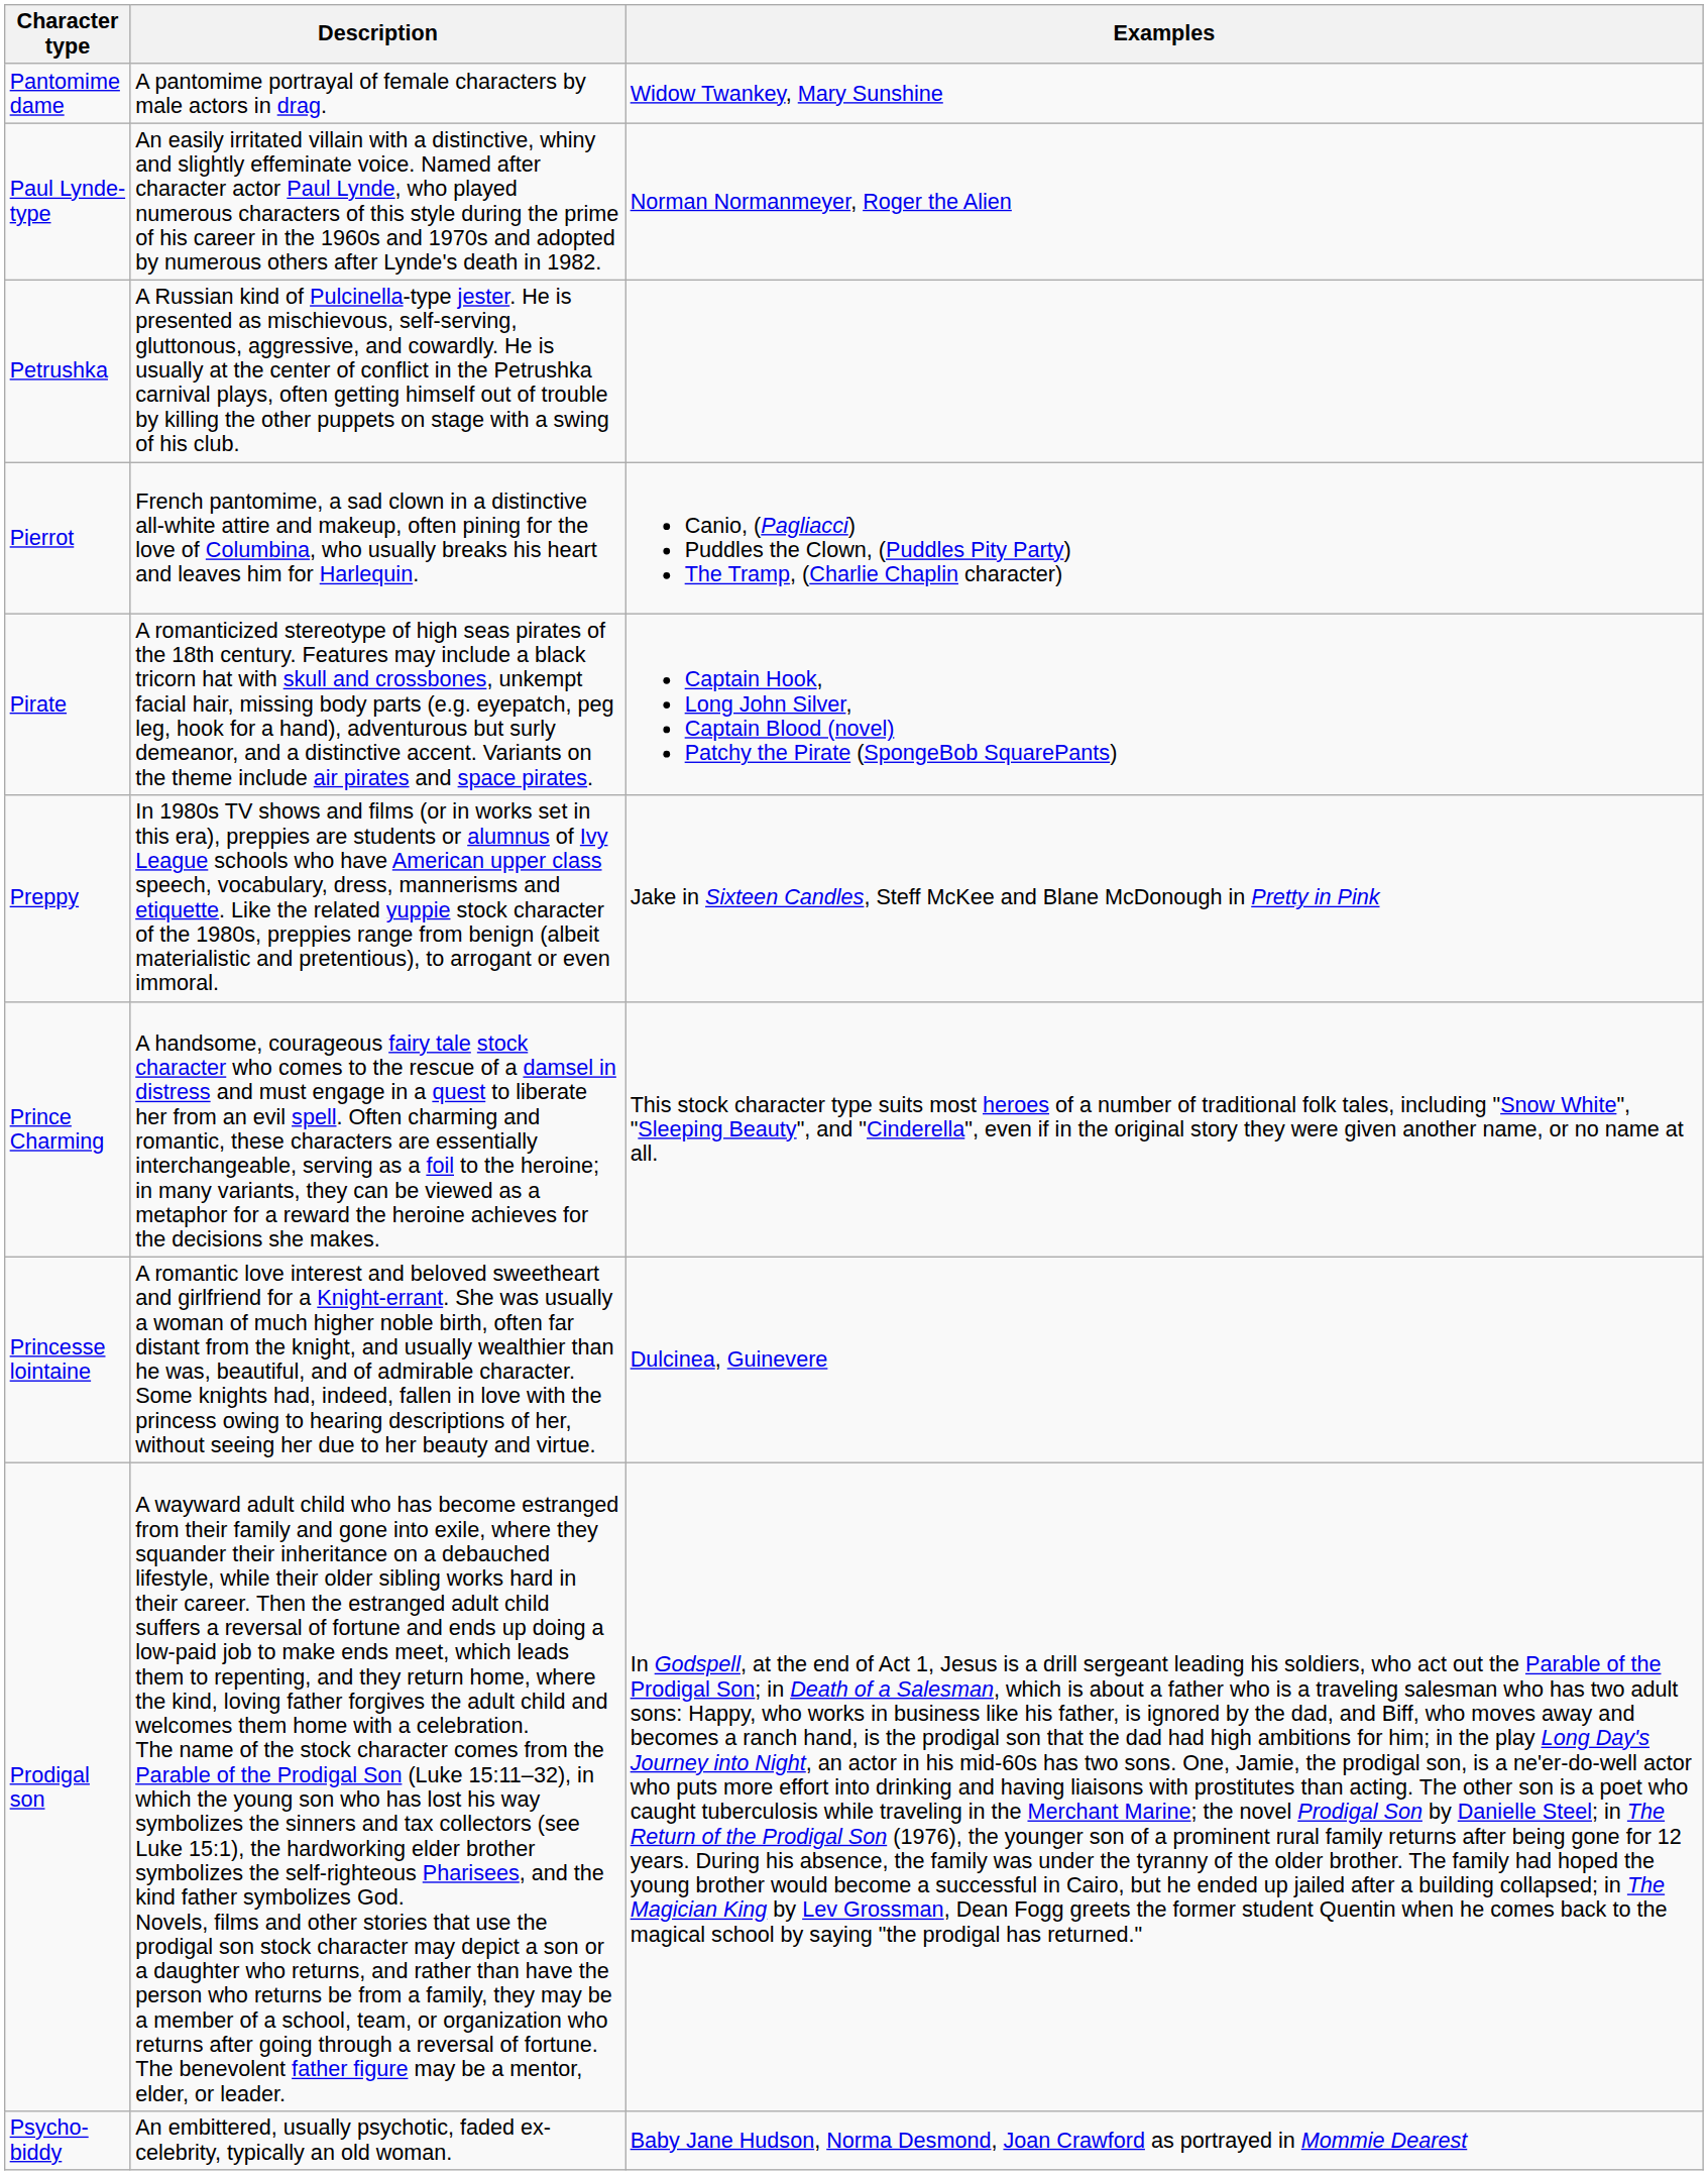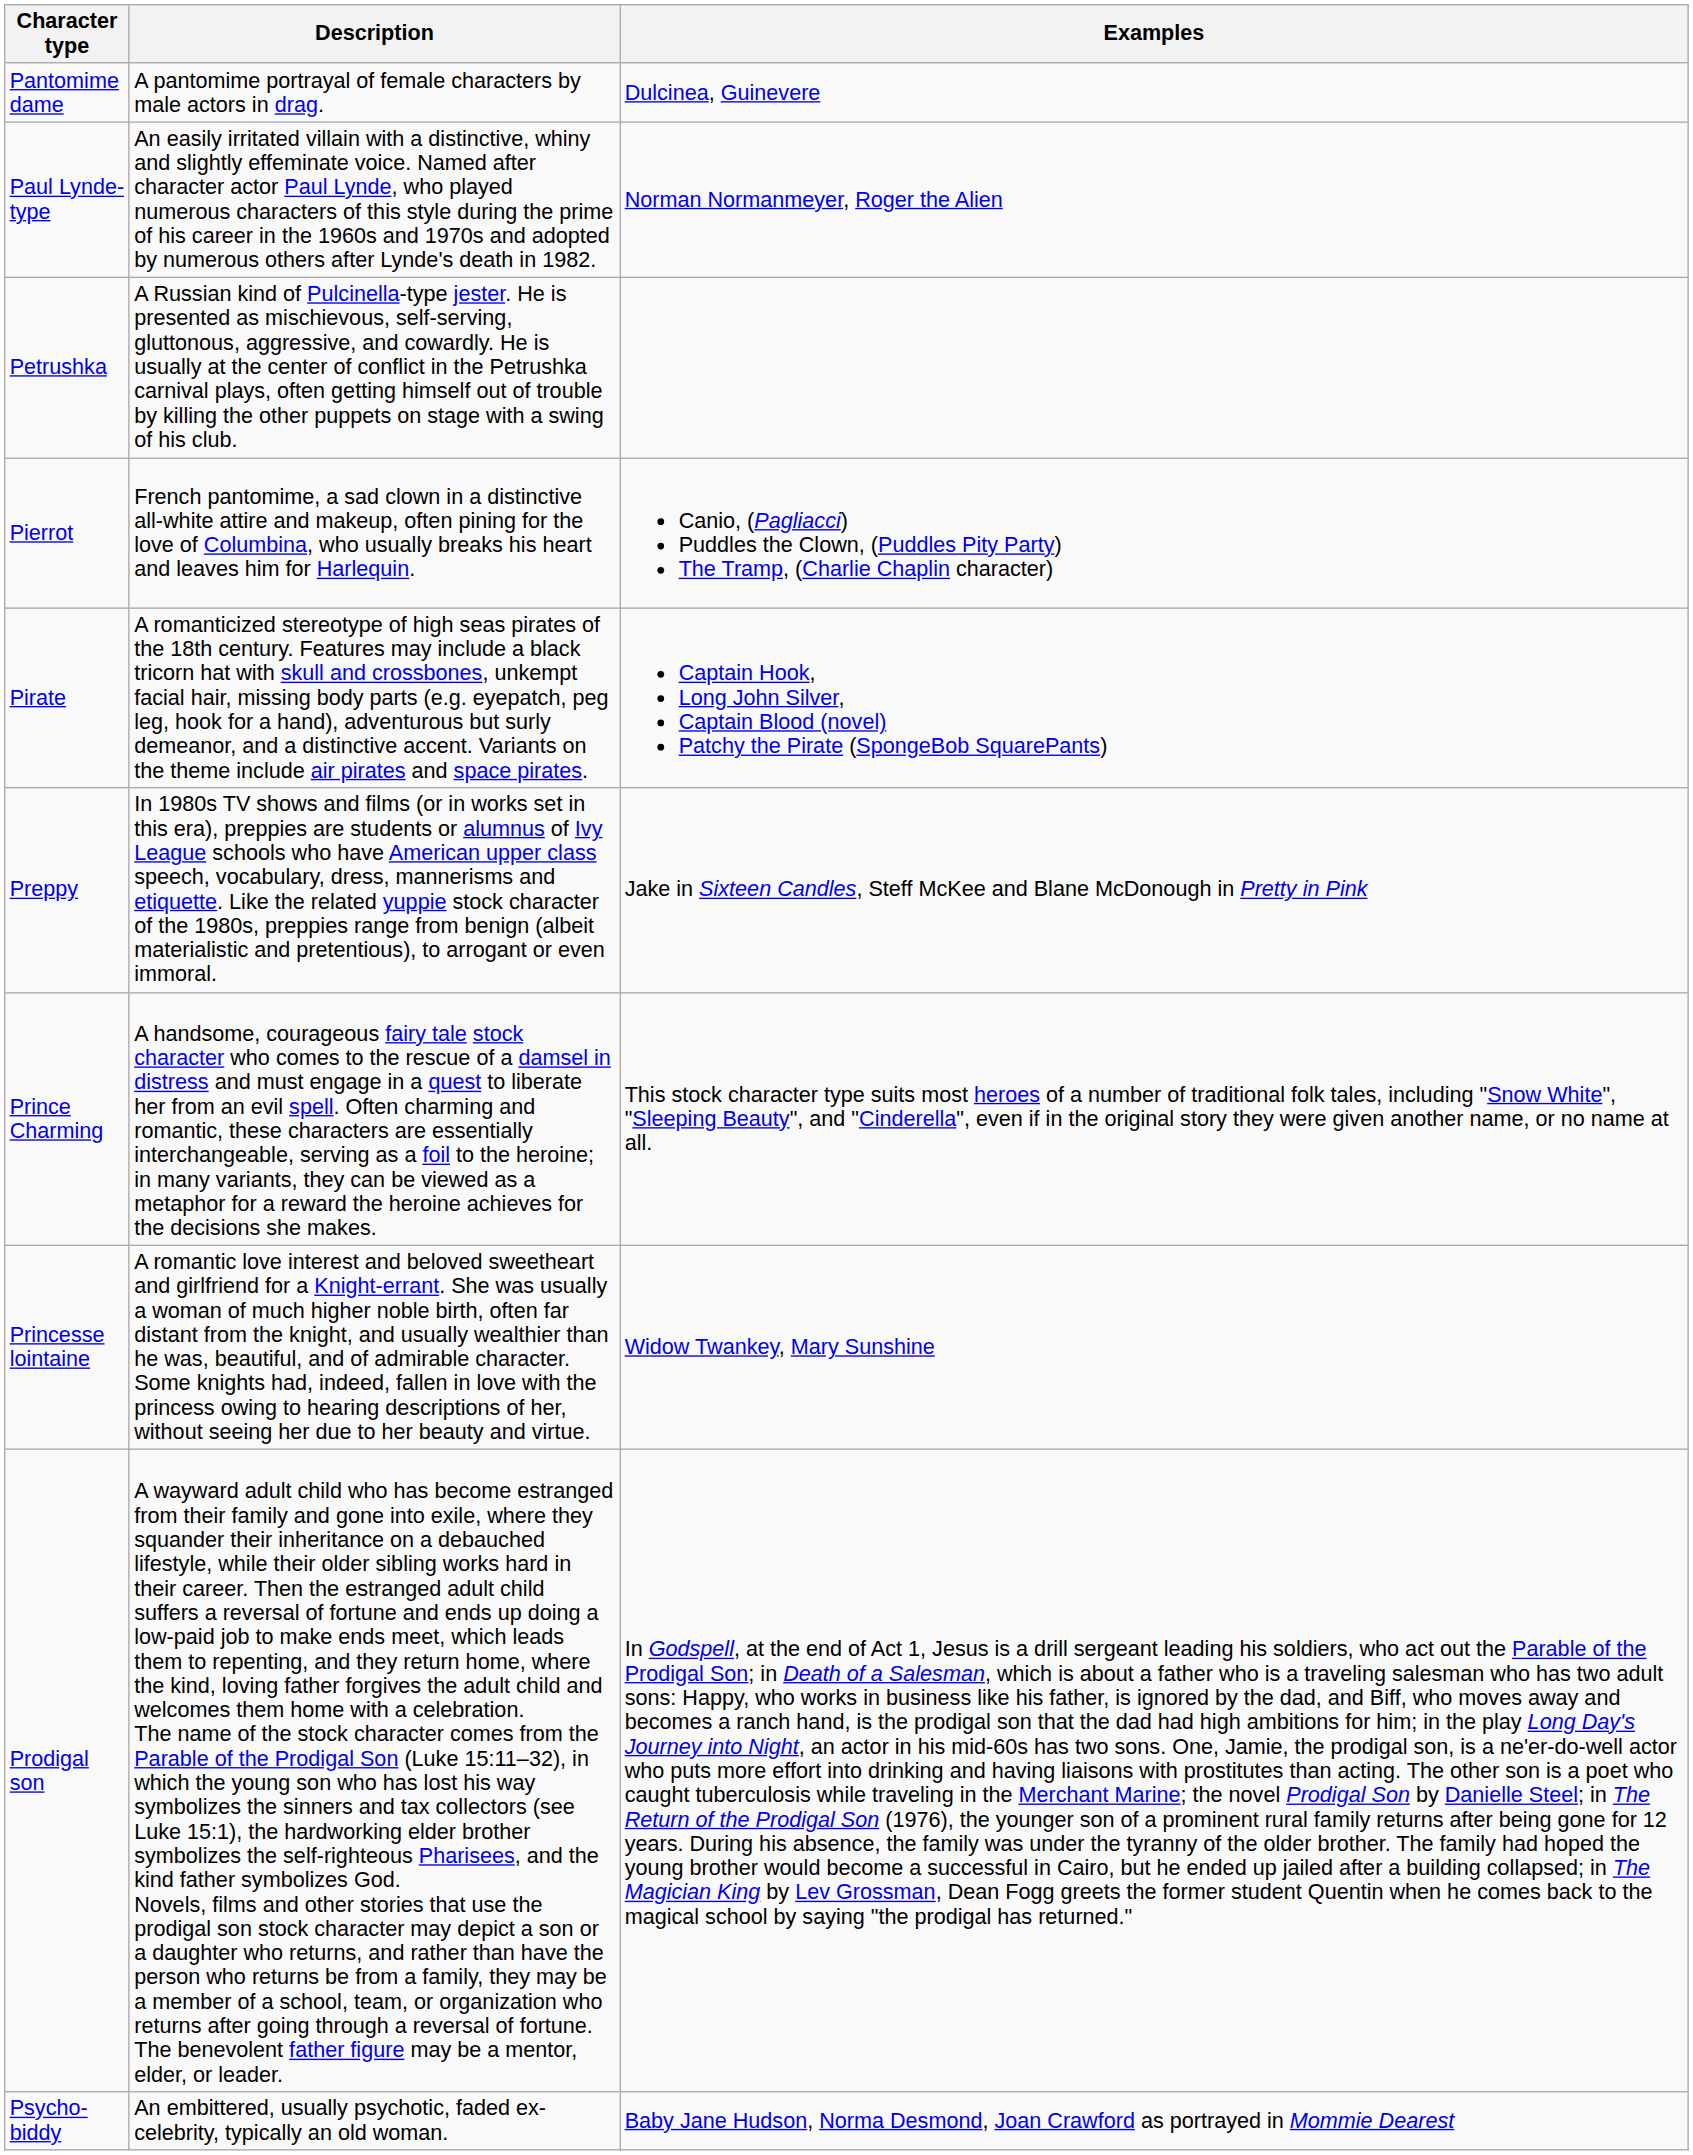 <table class="wikitable">
 <tr>
 <th>Character type</th>
 <th>Description</th>
 <th>Examples</th>
 </tr>
 <tr>
 <td><a href='#'>Pantomime dame</a></td>
 <td>A pantomime portrayal of female characters by male actors in <a href='#'>drag</a>.</td>
-<td><a href='#'>Widow Twankey</a>, <a href='#'>Mary Sunshine</a></td>
+<td><a href='#'>Dulcinea</a>, <a href='#'>Guinevere</a></td>
 </tr>
 <tr>
 <td><a href='#'>Paul Lynde-type</a></td>
 <td>An easily irritated villain with a distinctive, whiny and slightly effeminate voice. Named after character actor <a href='#'>Paul Lynde</a>, who played numerous characters of this style during the prime of his career in the 1960s and 1970s and adopted by numerous others after Lynde's death in 1982.</td>
 <td><a href='#'>Norman Normanmeyer</a>, <a href='#'>Roger the Alien</a></td>
 </tr>
 <tr>
 <td><a href='#'>Petrushka</a></td>
 <td>A Russian kind of <a href='#'>Pulcinella</a>-type <a href='#'>jester</a>. He is presented as mischievous, self-serving, gluttonous, aggressive, and cowardly. He is usually at the center of conflict in the Petrushka carnival plays, often getting himself out of trouble by killing the other puppets on stage with a swing of his club.</td>
 <td></td>
 </tr>
 <tr>
 <td><a href='#'>Pierrot</a></td>
 <td>French pantomime, a sad clown in a distinctive all-white attire and makeup, often pining for the love of <a href='#'>Columbina</a>, who usually breaks his heart and leaves him for <a href='#'>Harlequin</a>.</td>
 <td><br><ul><li>Canio, (<em><a href='#'>Pagliacci</a></em>)</li><li>Puddles the Clown, (<a href='#'>Puddles Pity Party</a>)</li><li><a href='#'>The Tramp</a>, (<a href='#'>Charlie Chaplin</a> character)</li></ul></td>
 </tr>
 <tr>
 <td><a href='#'>Pirate</a></td>
 <td>A romanticized stereotype of high seas pirates of the 18th century. Features may include a black tricorn hat with <a href='#'>skull and crossbones</a>, unkempt facial hair, missing body parts (e.g. eyepatch, peg leg, hook for a hand), adventurous but surly demeanor, and a distinctive accent. Variants on the theme include <a href='#'>air pirates</a> and <a href='#'>space pirates</a>.</td>
 <td><br><ul><li><a href='#'>Captain Hook</a>,</li><li><a href='#'>Long John Silver</a>,</li><li><a href='#'>Captain Blood (novel)</a></li><li><a href='#'>Patchy the Pirate</a> (<a href='#'>SpongeBob SquarePants</a>)</li></ul></td>
 </tr>
 <tr>
 <td><a href='#'>Preppy</a></td>
 <td>In 1980s TV shows and films (or in works set in this era), preppies are students or <a href='#'>alumnus</a> of <a href='#'>Ivy League</a> schools who have <a href='#'>American upper class</a> speech, vocabulary, dress, mannerisms and <a href='#'>etiquette</a>. Like the related <a href='#'>yuppie</a> stock character of the 1980s, preppies range from benign (albeit materialistic and pretentious), to arrogant or even immoral.</td>
 <td>Jake in <em><a href='#'>Sixteen Candles</a></em>, Steff McKee and Blane McDonough in <em><a href='#'>Pretty in Pink</a></em></td>
 </tr>
 <tr>
 <td><a href='#'>Prince Charming</a></td>
 <td><br>A handsome, courageous <a href='#'>fairy tale</a> <a href='#'>stock character</a> who comes to the rescue of a <a href='#'>damsel in distress</a> and must engage in a <a href='#'>quest</a> to liberate her from an evil <a href='#'>spell</a>.  Often charming and romantic, these characters are essentially interchangeable, serving as a <a href='#'>foil</a> to the heroine; in many variants, they can be viewed as a metaphor for a reward the heroine achieves for the decisions she makes.</td>
 <td>This stock character type suits most <a href='#'>heroes</a> of a number of traditional folk tales, including "<a href='#'>Snow White</a>", "<a href='#'>Sleeping Beauty</a>", and "<a href='#'>Cinderella</a>", even if in the original story they were given another name, or no name at all.</td>
 </tr>
 <tr>
 <td><a href='#'>Princesse lointaine</a></td>
 <td>A romantic love interest and beloved sweetheart and girlfriend for a <a href='#'>Knight-errant</a>. She was usually a woman of much higher noble birth, often far distant from the knight, and usually wealthier than he was, beautiful, and of admirable character. Some knights had, indeed, fallen in love with the princess owing to hearing descriptions of her, without seeing her due to her beauty and virtue.</td>
-<td><a href='#'>Dulcinea</a>, <a href='#'>Guinevere</a></td>
+<td><a href='#'>Widow Twankey</a>, <a href='#'>Mary Sunshine</a></td>
 </tr>
 <tr>
 <td><a href='#'>Prodigal son</a></td>
 <td><br>A wayward adult child who has become estranged from their family and gone into exile, where they squander their inheritance on a debauched lifestyle, while their older sibling works hard in their career. Then the estranged adult child suffers a reversal of fortune and ends up doing a low-paid job to make ends meet, which leads them to repenting, and they return home, where the kind, loving father forgives the adult child and welcomes them home with a celebration.<br>The name of the stock character comes from the <a href='#'>Parable of the Prodigal Son</a> (Luke 15:11–32), in which the young son who has lost his way symbolizes the sinners and tax collectors (see Luke 15:1), the hardworking elder brother symbolizes the self-righteous <a href='#'>Pharisees</a>, and the kind father symbolizes God.<br>Novels, films and other stories that use the prodigal son stock character may depict a son or a daughter who returns, and rather than have the person who returns be from a family, they may be a member of a school, team, or organization who returns after going through a reversal of fortune. The benevolent <a href='#'>father figure</a> may be a mentor, elder, or leader.</td>
 <td><br>In <em><a href='#'>Godspell</a></em>, at the end of Act 1, Jesus is a drill sergeant leading his soldiers, who act out the <a href='#'>Parable of the Prodigal Son</a>; in <em><a href='#'>Death of a Salesman</a></em>, which is about a father who is a traveling salesman who has two adult sons: Happy, who works in business like his father, is ignored by the dad, and Biff, who moves away and becomes a ranch hand, is the prodigal son that the dad had high ambitions for him; in the play <em><a href='#'>Long Day's Journey into Night</a></em>, an actor in his mid-60s has two sons. One, Jamie, the prodigal son, is a ne'er-do-well actor who puts more effort into drinking and having liaisons with prostitutes than acting. The other son is a poet who caught tuberculosis while traveling in the <a href='#'>Merchant Marine</a>; the novel <em><a href='#'>Prodigal Son</a></em> by <a href='#'>Danielle Steel</a>; in <em><a href='#'>The Return of the Prodigal Son</a></em> (1976), the younger son of a prominent rural family returns after being gone for 12 years. During his absence, the family was under the tyranny of the older brother. The family had hoped the young brother would become a successful in Cairo, but he ended up jailed after a building collapsed; in <em><a href='#'>The Magician King</a></em> by <a href='#'>Lev Grossman</a>, Dean Fogg greets the former student Quentin when he comes back to the magical school by saying "the prodigal has returned."</td>
 </tr>
 <tr>
 <td><a href='#'>Psycho-biddy</a></td>
 <td>An embittered, usually psychotic, faded ex-celebrity, typically an old woman.</td>
 <td><a href='#'>Baby Jane Hudson</a>, <a href='#'>Norma Desmond</a>, <a href='#'>Joan Crawford</a> as portrayed in <em><a href='#'>Mommie Dearest</a></em></td>
 </tr>
 </table>
